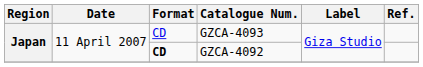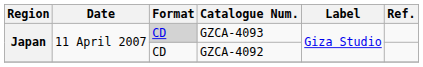 <table class="wikitable sortable plainrowheaders">
 <tr>
 <th scope="col">Region</th>
 <th scope="col">Date</th>
 <th scope="col">Format</th>
 <th scope="col">Catalogue Num.</th>
 <th scope="col">Label</th>
 <th scope="col">Ref.</th>
 </tr>
 <tr>
 <th scope="row" rowspan="2">Japan</th>
 <td rowspan="2">11 April 2007</td>
-<td><a href='#'>CD</a> </td>
+<td style="background: lightgrey;"><a href='#'>CD</a> </td>
 <td>GZCA-4093</td>
 <td rowspan="2"><a href='#'>Giza Studio</a></td>
 <td></td>
 </tr>
 <tr>
-<td><strong>CD </strong></td>
+<td>CD </td>
 <td>GZCA-4092</td>
 <td></td>
 </tr>
 <tr>
 </tr>
 </table>
